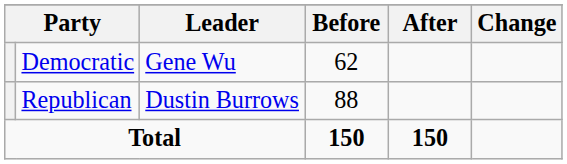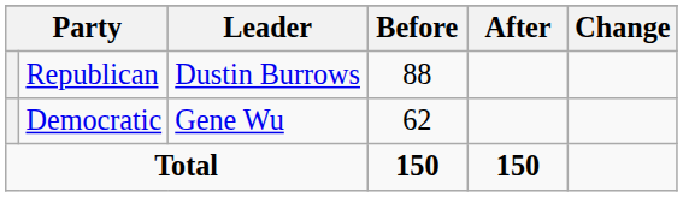 <table class="wikitable" style="text-align:center;">
 <tr>
 </tr>
 <tr>
 <th colspan="2">Party</th>
 <th>Leader</th>
 <th style="width:3em">Before</th>
 <th style="width:3em">After</th>
 <th style="width:3em">Change</th>
 </tr>
 <tr>
 <th style="background-color:"></th>
-<td style="text-align:left;"><a href='#'>Democratic</a></td>
-<td style="text-align:left;"><a href='#'>Gene Wu</a></td>
-<td>62</td>
+<td style="text-align:left;"><a href='#'>Republican</a></td>
+<td style="text-align:left;"><a href='#'>Dustin Burrows</a></td>
+<td>88</td>
 <td></td>
 <td></td>
 </tr>
 <tr>
 <th style="background-color:"></th>
-<td style="text-align:left;"><a href='#'>Republican</a></td>
-<td style="text-align:left;"><a href='#'>Dustin Burrows</a></td>
-<td>88</td>
+<td style="text-align:left;"><a href='#'>Democratic</a></td>
+<td style="text-align:left;"><a href='#'>Gene Wu</a></td>
+<td>62</td>
 <td></td>
 <td></td>
 </tr>
 <tr>
 <td colspan="3"><strong>Total</strong></td>
 <td><strong>150</strong></td>
 <td><strong>150</strong></td>
 <td></td>
 </tr>
 </table>
